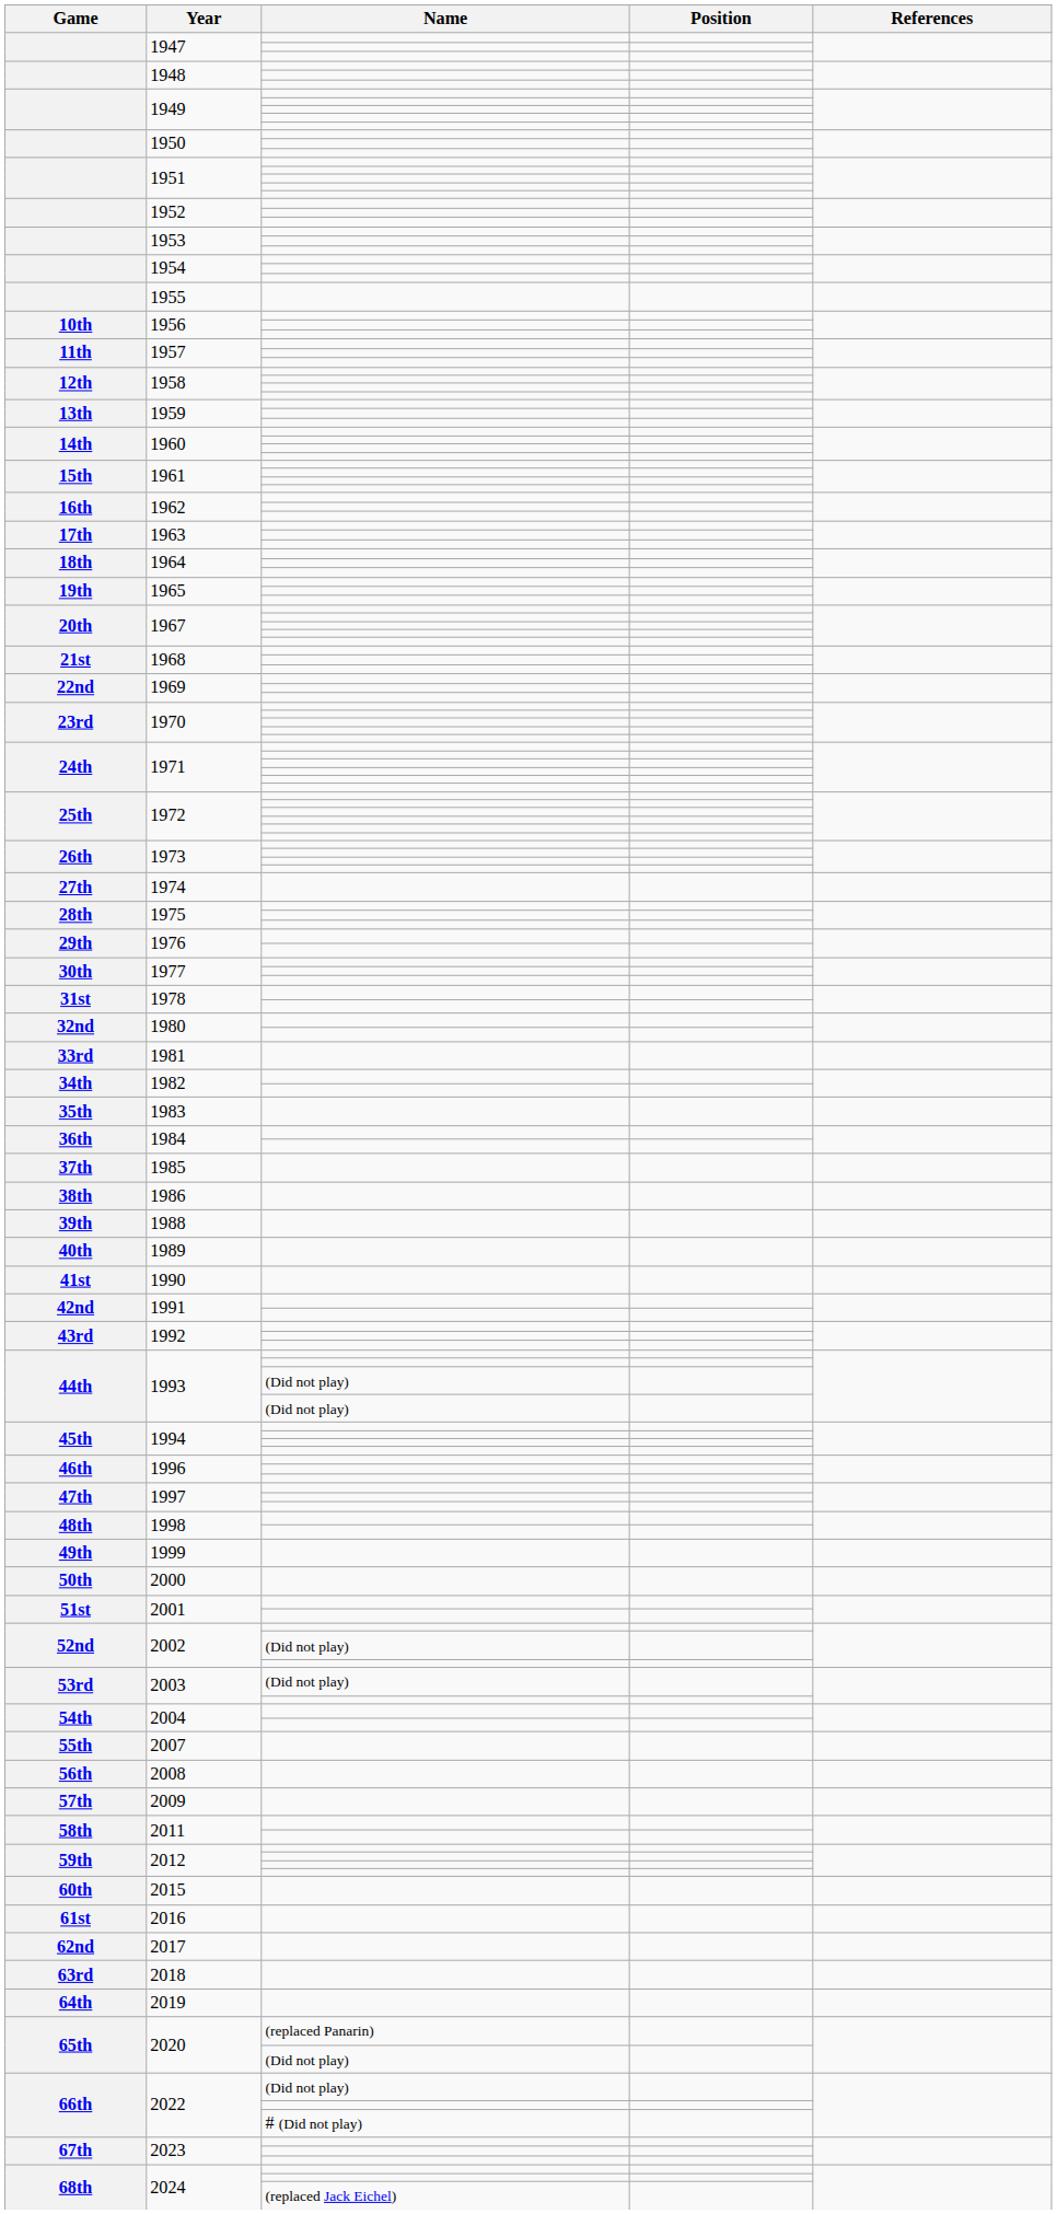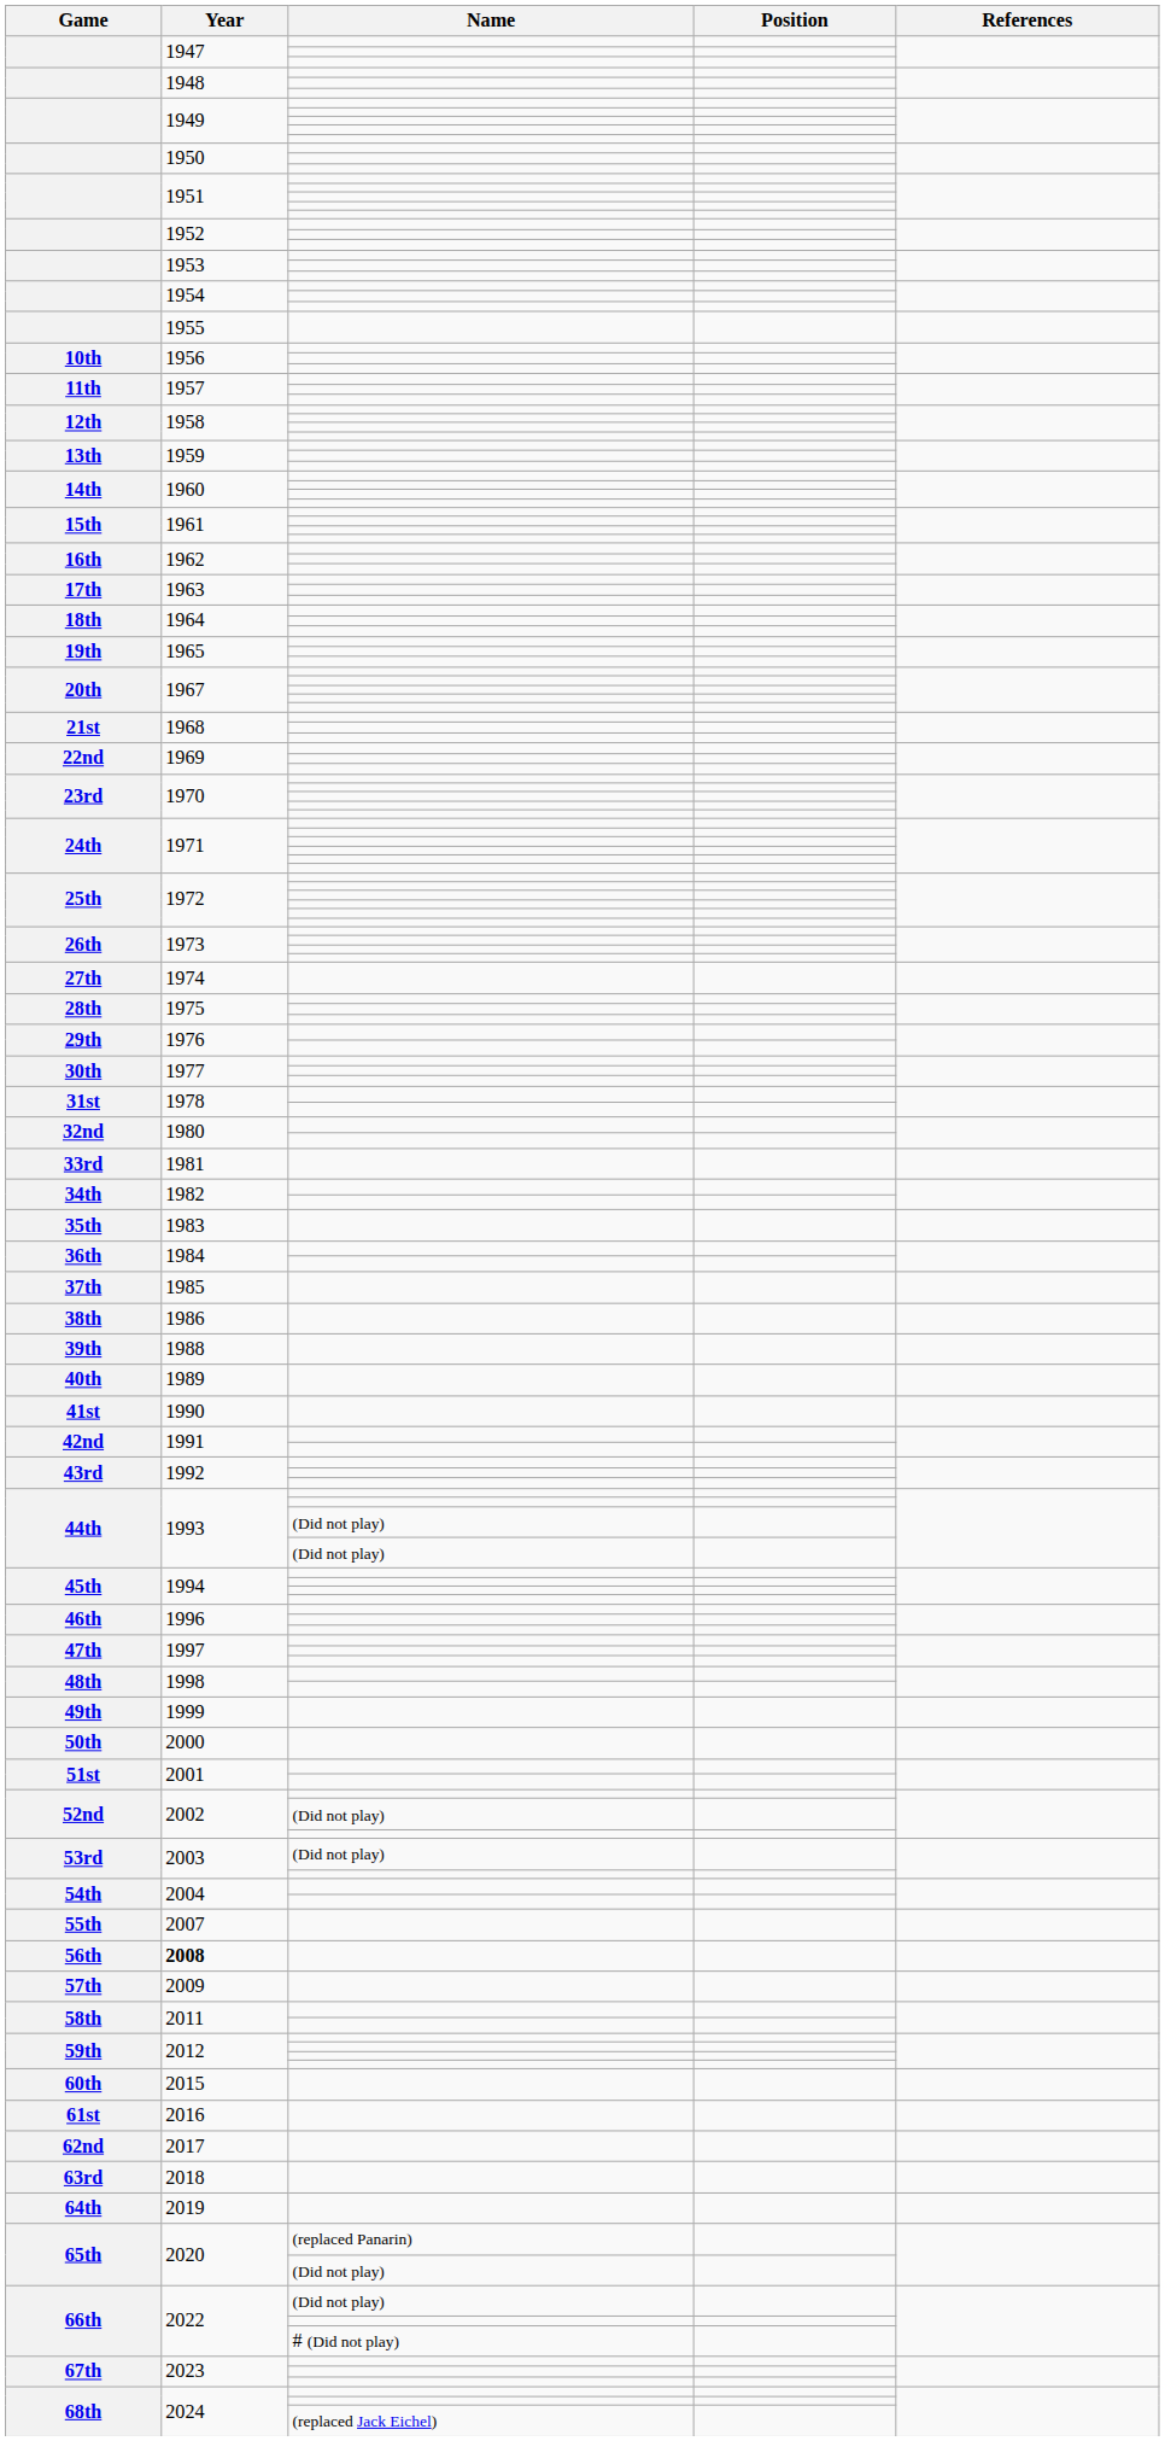 <table class="wikitable sortable" width="75%">
 <tr>
 <th scope="col">Game</th>
 <th scope="col">Year</th>
 <th scope="col">Name</th>
 <th scope="col">Position</th>
 <th scope="col" class="unsortable">References</th>
 </tr>
 <tr>
 <th scope="row" rowspan="3"></th>
 <td rowspan="3">1947</td>
 <td></td>
 <td></td>
 <td rowspan="3"></td>
 </tr>
 <tr>
 <td></td>
 <td></td>
 </tr>
 <tr>
 <td></td>
 <td></td>
 </tr>
 <tr>
 <th scope="row" rowspan="3"></th>
 <td rowspan="3">1948</td>
 <td></td>
 <td></td>
 <td rowspan="3"></td>
 </tr>
 <tr>
 <td></td>
 <td></td>
 </tr>
 <tr>
 <td></td>
 <td></td>
 </tr>
 <tr>
 <th scope="row" rowspan="5"></th>
 <td rowspan="5">1949</td>
 <td></td>
 <td></td>
 <td rowspan="5"></td>
 </tr>
 <tr>
 <td></td>
 <td></td>
 </tr>
 <tr>
 <td></td>
 <td></td>
 </tr>
 <tr>
 <td></td>
 <td></td>
 </tr>
 <tr>
 <td></td>
 <td></td>
 </tr>
 <tr>
 <th scope="row" rowspan="3"></th>
 <td rowspan="3">1950</td>
 <td></td>
 <td></td>
 <td rowspan="3"></td>
 </tr>
 <tr>
 <td></td>
 <td></td>
 </tr>
 <tr>
 <td></td>
 <td></td>
 </tr>
 <tr>
 <th scope="row" rowspan="5"></th>
 <td rowspan="5">1951</td>
 <td></td>
 <td></td>
 <td rowspan="5"></td>
 </tr>
 <tr>
 <td></td>
 <td></td>
 </tr>
 <tr>
 <td></td>
 <td></td>
 </tr>
 <tr>
 <td></td>
 <td></td>
 </tr>
 <tr>
 <td></td>
 <td></td>
 </tr>
 <tr>
 <th scope="row" rowspan="3"></th>
 <td rowspan="3">1952</td>
 <td></td>
 <td></td>
 <td rowspan="3"></td>
 </tr>
 <tr>
 <td></td>
 <td></td>
 </tr>
 <tr>
 <td></td>
 <td></td>
 </tr>
 <tr>
 <th scope="row" rowspan="3"></th>
 <td rowspan="3">1953</td>
 <td></td>
 <td></td>
 <td rowspan="3"></td>
 </tr>
 <tr>
 <td></td>
 <td></td>
 </tr>
 <tr>
 <td></td>
 <td></td>
 </tr>
 <tr>
 <th scope="row" rowspan="3"></th>
 <td rowspan="3">1954</td>
 <td></td>
 <td></td>
 <td rowspan="3"></td>
 </tr>
 <tr>
 <td></td>
 <td></td>
 </tr>
 <tr>
 <td></td>
 <td></td>
 </tr>
 <tr>
 <th scope="row"></th>
 <td>1955</td>
 <td></td>
 <td></td>
 <td></td>
 </tr>
 <tr>
 <th scope="row" rowspan="3"><a href='#'>10th</a></th>
 <td rowspan="3">1956</td>
 <td></td>
 <td></td>
 <td rowspan="3"></td>
 </tr>
 <tr>
 <td></td>
 <td></td>
 </tr>
 <tr>
 <td></td>
 <td></td>
 </tr>
 <tr>
 <th scope="row" rowspan="3"><a href='#'>11th</a></th>
 <td rowspan="3">1957</td>
 <td></td>
 <td></td>
 <td rowspan="3"></td>
 </tr>
 <tr>
 <td></td>
 <td></td>
 </tr>
 <tr>
 <td></td>
 <td></td>
 </tr>
 <tr>
 <th scope="row" rowspan="4"><a href='#'>12th</a></th>
 <td rowspan="4">1958</td>
 <td></td>
 <td></td>
 <td rowspan="4"></td>
 </tr>
 <tr>
 <td></td>
 <td></td>
 </tr>
 <tr>
 <td></td>
 <td></td>
 </tr>
 <tr>
 <td></td>
 <td></td>
 </tr>
 <tr>
 <th scope="row" rowspan="3"><a href='#'>13th</a></th>
 <td rowspan="3">1959</td>
 <td></td>
 <td></td>
 <td rowspan="3"></td>
 </tr>
 <tr>
 <td></td>
 <td></td>
 </tr>
 <tr>
 <td></td>
 <td></td>
 </tr>
 <tr>
 <th scope="row" rowspan="4"><a href='#'>14th</a></th>
 <td rowspan="4">1960</td>
 <td></td>
 <td></td>
 <td rowspan="4"></td>
 </tr>
 <tr>
 <td></td>
 <td></td>
 </tr>
 <tr>
 <td></td>
 <td></td>
 </tr>
 <tr>
 <td></td>
 <td></td>
 </tr>
 <tr>
 <th scope="row" rowspan="4"><a href='#'>15th</a></th>
 <td rowspan="4">1961</td>
 <td></td>
 <td></td>
 <td rowspan="4"></td>
 </tr>
 <tr>
 <td></td>
 <td></td>
 </tr>
 <tr>
 <td></td>
 <td></td>
 </tr>
 <tr>
 <td></td>
 <td></td>
 </tr>
 <tr>
 <th scope="row" rowspan="3"><a href='#'>16th</a></th>
 <td rowspan="3">1962</td>
 <td></td>
 <td></td>
 <td rowspan="3"></td>
 </tr>
 <tr>
 <td></td>
 <td></td>
 </tr>
 <tr>
 <td></td>
 <td></td>
 </tr>
 <tr>
 <th scope="row" rowspan="3"><a href='#'>17th</a></th>
 <td rowspan="3">1963</td>
 <td></td>
 <td></td>
 <td rowspan="3"></td>
 </tr>
 <tr>
 <td></td>
 <td></td>
 </tr>
 <tr>
 <td></td>
 <td></td>
 </tr>
 <tr>
 <th scope="row" rowspan="3"><a href='#'>18th</a></th>
 <td rowspan="3">1964</td>
 <td></td>
 <td></td>
 <td rowspan="3"></td>
 </tr>
 <tr>
 <td></td>
 <td></td>
 </tr>
 <tr>
 <td></td>
 <td></td>
 </tr>
 <tr>
 <th scope="row" rowspan="3"><a href='#'>19th</a></th>
 <td rowspan="3">1965</td>
 <td></td>
 <td></td>
 <td rowspan="3"></td>
 </tr>
 <tr>
 <td></td>
 <td></td>
 </tr>
 <tr>
 <td></td>
 <td></td>
 </tr>
 <tr>
 <th scope="row" rowspan="5"><a href='#'>20th</a></th>
 <td rowspan="5">1967</td>
 <td></td>
 <td></td>
 <td rowspan="5"></td>
 </tr>
 <tr>
 <td></td>
 <td></td>
 </tr>
 <tr>
 <td></td>
 <td></td>
 </tr>
 <tr>
 <td></td>
 <td></td>
 </tr>
 <tr>
 <td></td>
 <td></td>
 </tr>
 <tr>
 <th scope="row" rowspan="3"><a href='#'>21st</a></th>
 <td rowspan="3">1968</td>
 <td></td>
 <td></td>
 <td rowspan="3"></td>
 </tr>
 <tr>
 <td></td>
 <td></td>
 </tr>
 <tr>
 <td></td>
 <td></td>
 </tr>
 <tr>
 <th scope="row" rowspan="3"><a href='#'>22nd</a></th>
 <td rowspan="3">1969</td>
 <td></td>
 <td></td>
 <td rowspan="3"></td>
 </tr>
 <tr>
 <td></td>
 <td></td>
 </tr>
 <tr>
 <td></td>
 <td></td>
 </tr>
 <tr>
 <th scope="row" rowspan="5"><a href='#'>23rd</a></th>
 <td rowspan="5">1970</td>
 <td></td>
 <td></td>
 <td rowspan="5"></td>
 </tr>
 <tr>
 <td></td>
 <td></td>
 </tr>
 <tr>
 <td></td>
 <td></td>
 </tr>
 <tr>
 <td></td>
 <td></td>
 </tr>
 <tr>
 <td></td>
 <td></td>
 </tr>
 <tr>
 <th scope="row" rowspan="6"><a href='#'>24th</a></th>
 <td rowspan="6">1971</td>
 <td></td>
 <td></td>
 <td rowspan="6"></td>
 </tr>
 <tr>
 <td></td>
 <td></td>
 </tr>
 <tr>
 <td></td>
 <td></td>
 </tr>
 <tr>
 <td></td>
 <td></td>
 </tr>
 <tr>
 <td></td>
 <td></td>
 </tr>
 <tr>
 <td></td>
 <td></td>
 </tr>
 <tr>
 <th scope="row" rowspan="6"><a href='#'>25th</a></th>
 <td rowspan="6">1972</td>
 <td></td>
 <td></td>
 <td rowspan="6"></td>
 </tr>
 <tr>
 <td></td>
 <td></td>
 </tr>
 <tr>
 <td></td>
 <td></td>
 </tr>
 <tr>
 <td></td>
 <td></td>
 </tr>
 <tr>
 <td></td>
 <td></td>
 </tr>
 <tr>
 <td></td>
 <td></td>
 </tr>
 <tr>
 <th scope="row" rowspan="4"><a href='#'>26th</a></th>
 <td rowspan="4">1973</td>
 <td></td>
 <td></td>
 <td rowspan="4"></td>
 </tr>
 <tr>
 <td></td>
 <td></td>
 </tr>
 <tr>
 <td></td>
 <td></td>
 </tr>
 <tr>
 <td></td>
 <td></td>
 </tr>
 <tr>
 <th scope="row"><a href='#'>27th</a></th>
 <td>1974</td>
 <td></td>
 <td></td>
 <td></td>
 </tr>
 <tr>
 <th scope="row" rowspan="3"><a href='#'>28th</a></th>
 <td rowspan="3">1975</td>
 <td></td>
 <td></td>
 <td rowspan="3"></td>
 </tr>
 <tr>
 <td></td>
 <td></td>
 </tr>
 <tr>
 <td></td>
 <td></td>
 </tr>
 <tr>
 <th scope="row" rowspan="2"><a href='#'>29th</a></th>
 <td rowspan="2">1976</td>
 <td></td>
 <td></td>
 <td rowspan="2"></td>
 </tr>
 <tr>
 <td></td>
 <td></td>
 </tr>
 <tr>
 <th scope="row" rowspan="3"><a href='#'>30th</a></th>
 <td rowspan="3">1977</td>
 <td></td>
 <td></td>
 <td rowspan="3"></td>
 </tr>
 <tr>
 <td></td>
 <td></td>
 </tr>
 <tr>
 <td></td>
 <td></td>
 </tr>
 <tr>
 <th scope="row" rowspan="2"><a href='#'>31st</a></th>
 <td rowspan="2">1978</td>
 <td></td>
 <td></td>
 <td rowspan="2"></td>
 </tr>
 <tr>
 <td></td>
 <td></td>
 </tr>
 <tr>
 <th scope="row" rowspan="2"><a href='#'>32nd</a></th>
 <td rowspan="2">1980</td>
 <td></td>
 <td></td>
 <td rowspan="2"></td>
 </tr>
 <tr>
 <td></td>
 <td></td>
 </tr>
 <tr>
 <th scope="row"><a href='#'>33rd</a></th>
 <td>1981</td>
 <td></td>
 <td></td>
 <td></td>
 </tr>
 <tr>
 <th scope="row" rowspan="2"><a href='#'>34th</a></th>
 <td rowspan="2">1982</td>
 <td></td>
 <td></td>
 <td rowspan="2"></td>
 </tr>
 <tr>
 <td></td>
 <td></td>
 </tr>
 <tr>
 <th scope="row"><a href='#'>35th</a></th>
 <td>1983</td>
 <td></td>
 <td></td>
 <td></td>
 </tr>
 <tr>
 <th scope="row" rowspan="2"><a href='#'>36th</a></th>
 <td rowspan="2">1984</td>
 <td></td>
 <td></td>
 <td rowspan="2"></td>
 </tr>
 <tr>
 <td></td>
 <td></td>
 </tr>
 <tr>
 <th scope="row"><a href='#'>37th</a></th>
 <td>1985</td>
 <td></td>
 <td></td>
 <td></td>
 </tr>
 <tr>
 <th scope="row"><a href='#'>38th</a></th>
 <td>1986</td>
 <td></td>
 <td></td>
 <td></td>
 </tr>
 <tr>
 <th scope="row"><a href='#'>39th</a></th>
 <td>1988</td>
 <td></td>
 <td></td>
 <td></td>
 </tr>
 <tr>
 <th scope="row"><a href='#'>40th</a></th>
 <td>1989</td>
 <td></td>
 <td></td>
 <td></td>
 </tr>
 <tr>
 <th scope="row"><a href='#'>41st</a></th>
 <td>1990</td>
 <td></td>
 <td></td>
 <td></td>
 </tr>
 <tr>
 <th scope="row" rowspan="2"><a href='#'>42nd</a></th>
 <td rowspan="2">1991</td>
 <td></td>
 <td></td>
 <td rowspan="2"></td>
 </tr>
 <tr>
 <td></td>
 <td></td>
 </tr>
 <tr>
 <th scope="row" rowspan="3"><a href='#'>43rd</a></th>
 <td rowspan="3">1992</td>
 <td></td>
 <td></td>
 <td rowspan="3"></td>
 </tr>
 <tr>
 <td></td>
 <td></td>
 </tr>
 <tr>
 <td></td>
 <td></td>
 </tr>
 <tr>
 <th scope="row" rowspan="4"><a href='#'>44th</a></th>
 <td rowspan="4">1993</td>
 <td></td>
 <td></td>
 <td rowspan="4"></td>
 </tr>
 <tr>
 <td></td>
 <td></td>
 </tr>
 <tr>
 <td> <small>(Did not play)</small></td>
 <td></td>
 </tr>
 <tr>
 <td> <small>(Did not play)</small></td>
 <td></td>
 </tr>
 <tr>
 <th scope="row" rowspan="4"><a href='#'>45th</a></th>
 <td rowspan="4">1994</td>
 <td></td>
 <td></td>
 <td rowspan="4"></td>
 </tr>
 <tr>
 <td></td>
 <td></td>
 </tr>
 <tr>
 <td></td>
 <td></td>
 </tr>
 <tr>
 <td></td>
 <td></td>
 </tr>
 <tr>
 <th scope="row" rowspan="3"><a href='#'>46th</a></th>
 <td rowspan="3">1996</td>
 <td></td>
 <td></td>
 <td rowspan="3"></td>
 </tr>
 <tr>
 <td></td>
 <td></td>
 </tr>
 <tr>
 <td></td>
 <td></td>
 </tr>
 <tr>
 <th scope="row" rowspan="3"><a href='#'>47th</a></th>
 <td rowspan="3">1997</td>
 <td></td>
 <td></td>
 <td rowspan="3"></td>
 </tr>
 <tr>
 <td></td>
 <td></td>
 </tr>
 <tr>
 <td></td>
 <td></td>
 </tr>
 <tr>
 <th scope="row" rowspan="2"><a href='#'>48th</a></th>
 <td rowspan="2">1998</td>
 <td></td>
 <td></td>
 <td rowspan="2"></td>
 </tr>
 <tr>
 <td></td>
 <td></td>
 </tr>
 <tr>
 <th scope="row"><a href='#'>49th</a></th>
 <td>1999</td>
 <td></td>
 <td></td>
 <td></td>
 </tr>
 <tr>
 <th scope="row"><a href='#'>50th</a></th>
 <td>2000</td>
 <td></td>
 <td></td>
 <td></td>
 </tr>
 <tr>
 <th scope="row" rowspan="2"><a href='#'>51st</a></th>
 <td rowspan="2">2001</td>
 <td></td>
 <td></td>
 <td rowspan="2"></td>
 </tr>
 <tr>
 <td></td>
 <td></td>
 </tr>
 <tr>
 <th scope="row" rowspan="3"><a href='#'>52nd</a></th>
 <td rowspan="3">2002</td>
 <td></td>
 <td></td>
 <td rowspan="3"></td>
 </tr>
 <tr>
 <td> <small>(Did not play)</small></td>
 <td></td>
 </tr>
 <tr>
 <td></td>
 <td></td>
 </tr>
 <tr>
 <th scope="row" rowspan="2"><a href='#'>53rd</a></th>
 <td rowspan="2">2003</td>
 <td> <small>(Did not play)</small></td>
 <td></td>
 <td rowspan="2"></td>
 </tr>
 <tr>
 <td></td>
 <td></td>
 </tr>
 <tr>
 <th scope="row" rowspan="2"><a href='#'>54th</a></th>
 <td rowspan="2">2004</td>
 <td></td>
 <td></td>
 <td rowspan="2"></td>
 </tr>
 <tr>
 <td></td>
 <td></td>
 </tr>
 <tr>
 <th scope="row"><a href='#'>55th</a></th>
 <td>2007</td>
 <td></td>
 <td></td>
 <td></td>
 </tr>
 <tr>
 <th scope="row"><a href='#'>56th</a></th>
-<td>2008</td>
+<td><strong>2008</strong></td>
 <td></td>
 <td></td>
 <td></td>
 </tr>
 <tr>
 <th scope="row"><a href='#'>57th</a></th>
 <td>2009</td>
 <td></td>
 <td></td>
 <td></td>
 </tr>
 <tr>
 <th scope="row" rowspan="2"><a href='#'>58th</a></th>
 <td rowspan="2">2011</td>
 <td></td>
 <td></td>
 <td rowspan="2"></td>
 </tr>
 <tr>
 <td></td>
 <td></td>
 </tr>
 <tr>
 <th scope="row" rowspan="4"><a href='#'>59th</a></th>
 <td rowspan="4">2012</td>
 <td></td>
 <td></td>
 <td rowspan="4"></td>
 </tr>
 <tr>
 <td></td>
 <td></td>
 </tr>
 <tr>
 <td></td>
 <td></td>
 </tr>
 <tr>
 <td></td>
 <td></td>
 </tr>
 <tr>
 <th scope="row"><a href='#'>60th</a></th>
 <td>2015</td>
 <td></td>
 <td></td>
 <td></td>
 </tr>
 <tr>
 <th scope="row"><a href='#'>61st</a></th>
 <td>2016</td>
 <td></td>
 <td></td>
 <td></td>
 </tr>
 <tr>
 <th scope="row"><a href='#'>62nd</a></th>
 <td>2017</td>
 <td></td>
 <td></td>
 <td></td>
 </tr>
 <tr>
 <th scope="row"><a href='#'>63rd</a></th>
 <td>2018</td>
 <td></td>
 <td></td>
 <td></td>
 </tr>
 <tr>
 <th scope="row"><a href='#'>64th</a></th>
 <td>2019</td>
 <td></td>
 <td></td>
 <td></td>
 </tr>
 <tr>
 <th scope="row" rowspan=2><a href='#'>65th</a></th>
 <td rowspan=2>2020</td>
 <td> <small> (replaced Panarin)</small></td>
 <td></td>
 <td rowspan=2></td>
 </tr>
 <tr>
 <td> <small> (Did not play)</small></td>
 <td></td>
 </tr>
 <tr>
 <th scope="row" rowspan=3><a href='#'>66th</a></th>
 <td rowspan=3>2022</td>
 <td> <small>(Did not play)</small></td>
 <td></td>
 <td rowspan=3></td>
 </tr>
 <tr>
 <td></td>
 <td></td>
 </tr>
 <tr>
 <td># <small> (Did not play)</small></td>
 <td></td>
 </tr>
 <tr>
 <th scope="row" rowspan=3><a href='#'>67th</a></th>
 <td rowspan=3>2023</td>
 <td></td>
 <td></td>
 <td rowspan=3></td>
 </tr>
 <tr>
 <td></td>
 <td></td>
 </tr>
 <tr>
 <td></td>
 <td></td>
 </tr>
 <tr>
 <th scope="row" rowspan="3"><a href='#'>68th</a></th>
 <td rowspan="3">2024</td>
 <td></td>
 <td></td>
 <td rowspan="3"></td>
 </tr>
 <tr>
 <td></td>
 <td></td>
 </tr>
 <tr>
 <td> <small>(replaced <a href='#'>Jack Eichel</a>)</small></td>
 <td></td>
 </tr>
 </table>
